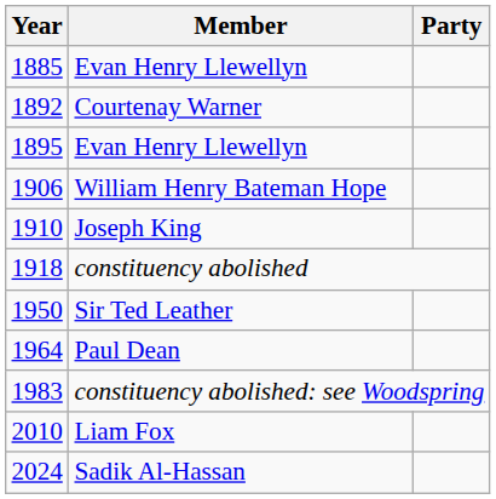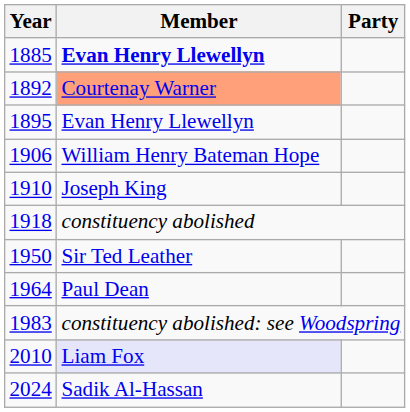 <table class= "wikitable">
 <tr>
 <th>Year</th>
 <th>Member</th>
 <th colspan= "2">Party</th>
 </tr>
 <tr>
 <td><a href='#'>1885</a></td>
-<td><a href='#'>Evan Henry Llewellyn</a></td>
+<td><strong><a href='#'>Evan Henry Llewellyn</a></strong></td>
 <td></td>
 </tr>
 <tr>
 <td><a href='#'>1892</a></td>
-<td><a href='#'>Courtenay Warner</a></td>
+<td style="background: lightsalmon;"><a href='#'>Courtenay Warner</a></td>
 <td></td>
 </tr>
 <tr>
 <td><a href='#'>1895</a></td>
 <td><a href='#'>Evan Henry Llewellyn</a></td>
 <td></td>
 </tr>
 <tr>
 <td><a href='#'>1906</a></td>
 <td><a href='#'>William Henry Bateman Hope</a></td>
 <td></td>
 </tr>
 <tr>
 <td><a href='#'>1910</a></td>
 <td><a href='#'>Joseph King</a></td>
 <td></td>
 </tr>
 <tr>
 <td><a href='#'>1918</a></td>
 <td colspan= "3"><em>constituency abolished</em></td>
 </tr>
 <tr>
 <td><a href='#'>1950</a></td>
 <td><a href='#'>Sir Ted Leather</a></td>
 <td></td>
 </tr>
 <tr>
 <td><a href='#'>1964</a></td>
 <td><a href='#'>Paul Dean</a></td>
 <td></td>
 </tr>
 <tr>
 <td><a href='#'>1983</a></td>
 <td colspan= "3"><em>constituency abolished: see <a href='#'>Woodspring</a></em></td>
 </tr>
 <tr>
 <td><a href='#'>2010</a></td>
-<td><a href='#'>Liam Fox</a></td>
+<td style="background: lavender;"><a href='#'>Liam Fox</a></td>
 <td></td>
 </tr>
 <tr>
 <td><a href='#'>2024</a></td>
 <td><a href='#'>Sadik Al-Hassan</a></td>
 <td></td>
 </tr>
 </table>
